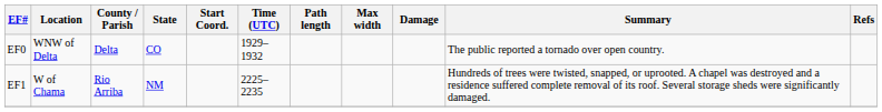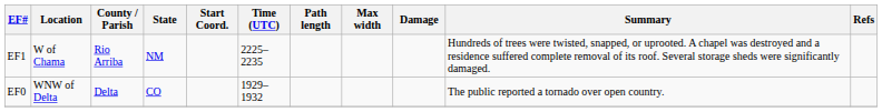 <table class="wikitable sortable" style="width:100%;">
 <tr>
 <th scope="col" width="3%" align="center"><a href='#'>EF#</a></th>
 <th scope="col" width="7%" align="center" class="unsortable">Location</th>
 <th scope="col" width="6%" align="center" class="unsortable">County / Parish</th>
 <th scope="col" width="5%" align="center">State</th>
 <th scope="col" width="6%" align="center">Start Coord.</th>
 <th scope="col" width="6%" align="center">Time (<a href='#'>UTC</a>)</th>
 <th scope="col" width="6%" align="center">Path length</th>
 <th scope="col" width="6%" align="center">Max width</th>
 <th scope="col" width="6%" align="center">Damage</th>
 <th scope="col" width="48%" class="unsortable" align="center">Summary</th>
 <th scope="col" width="48%" class="unsortable" align="center">Refs</th>
 </tr>
 <tr>
+<td>EF1</td>
+<td>W of <a href='#'>Chama</a></td>
+<td><a href='#'>Rio Arriba</a></td>
+<td><a href='#'>NM</a></td>
+<td></td>
+<td>2225–2235</td>
+<td></td>
+<td></td>
+<td></td>
+<td>Hundreds of trees were twisted, snapped, or uprooted. A chapel was destroyed and a residence suffered complete removal of its roof. Several storage sheds were significantly damaged.</td>
+<td></td>
+</tr>
+<tr>
 <td>EF0</td>
 <td>WNW of <a href='#'>Delta</a></td>
 <td><a href='#'>Delta</a></td>
 <td><a href='#'>CO</a></td>
 <td></td>
 <td>1929–1932</td>
 <td></td>
 <td></td>
 <td></td>
 <td>The public reported a tornado over open country.</td>
 <td></td>
 </tr>
 <tr>
-<td>EF1</td>
-<td>W of <a href='#'>Chama</a></td>
-<td><a href='#'>Rio Arriba</a></td>
-<td><a href='#'>NM</a></td>
-<td></td>
-<td>2225–2235</td>
-<td></td>
-<td></td>
-<td></td>
-<td>Hundreds of trees were twisted, snapped, or uprooted. A chapel was destroyed and a residence suffered complete removal of its roof. Several storage sheds were significantly damaged.</td>
-<td></td>
-</tr>
-<tr>
 </tr>
 </table>
